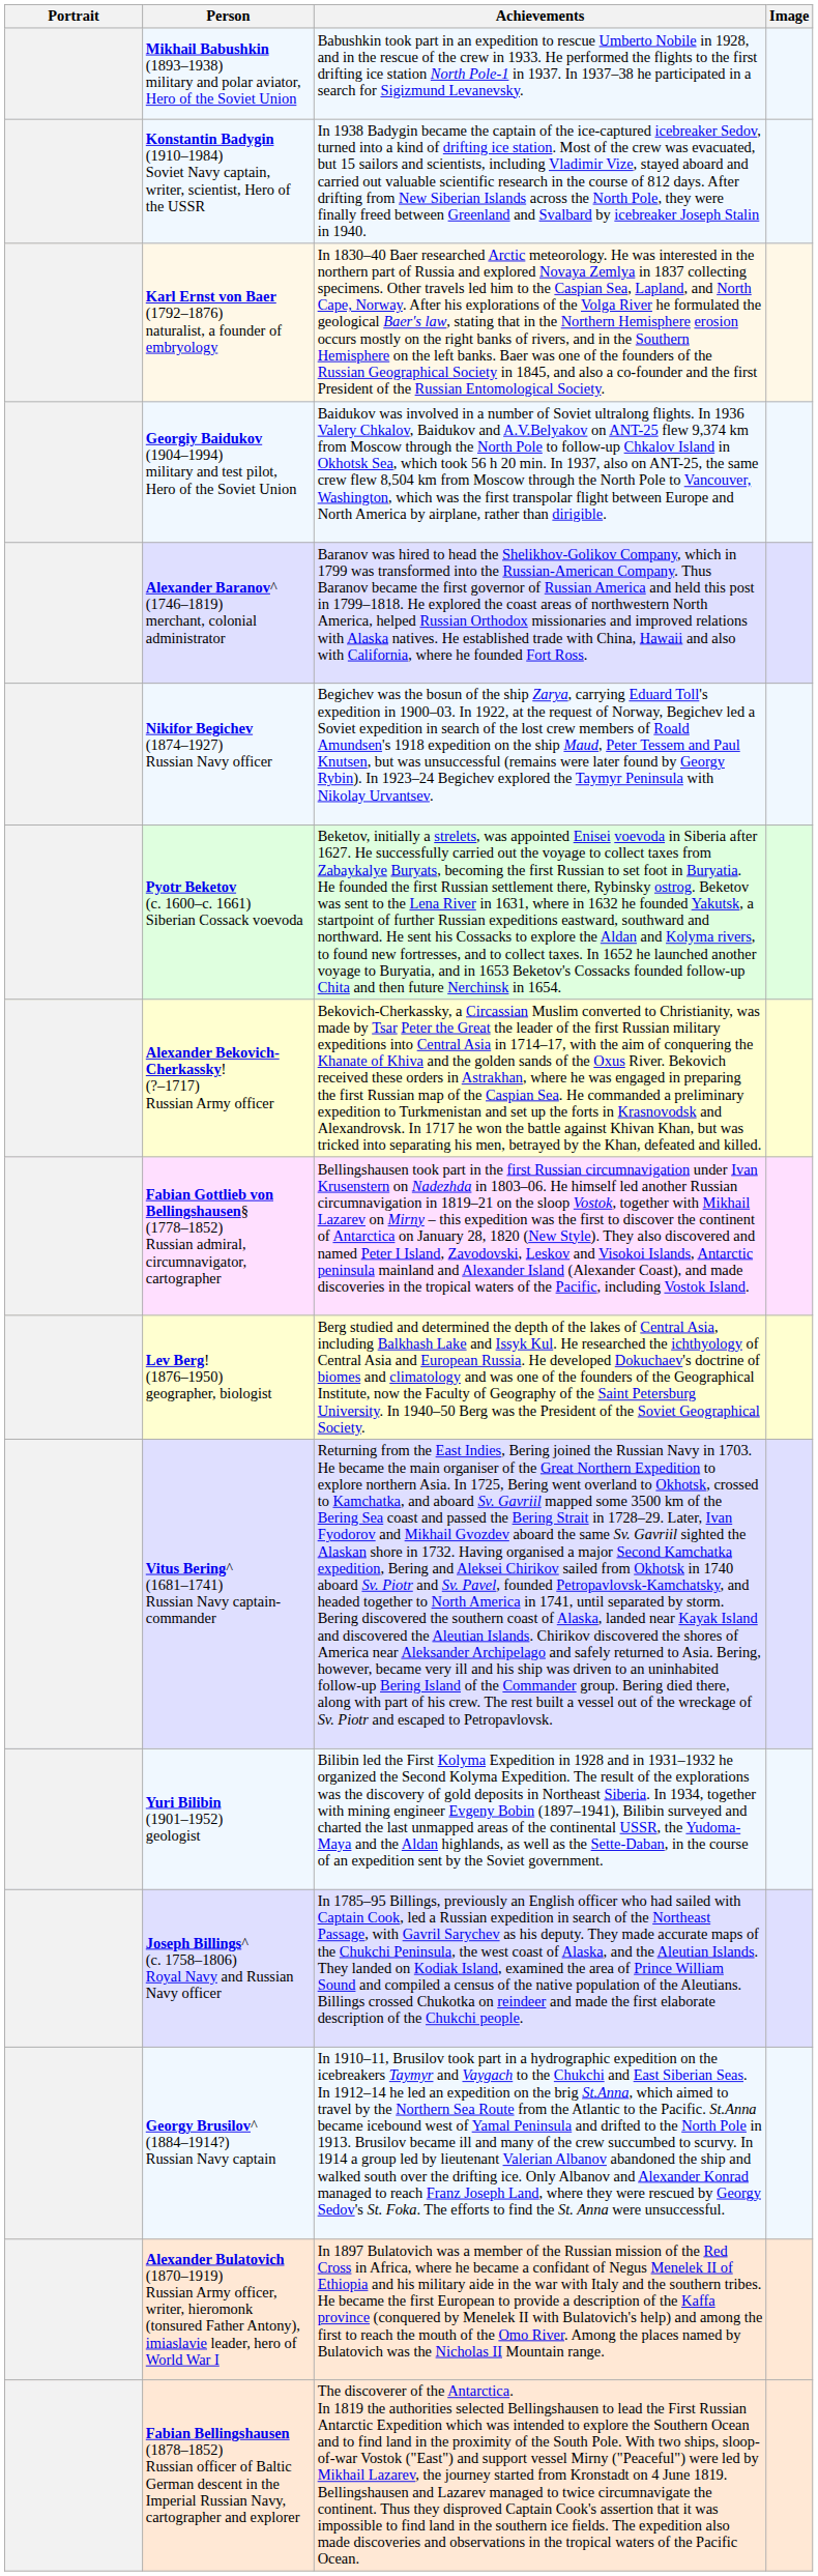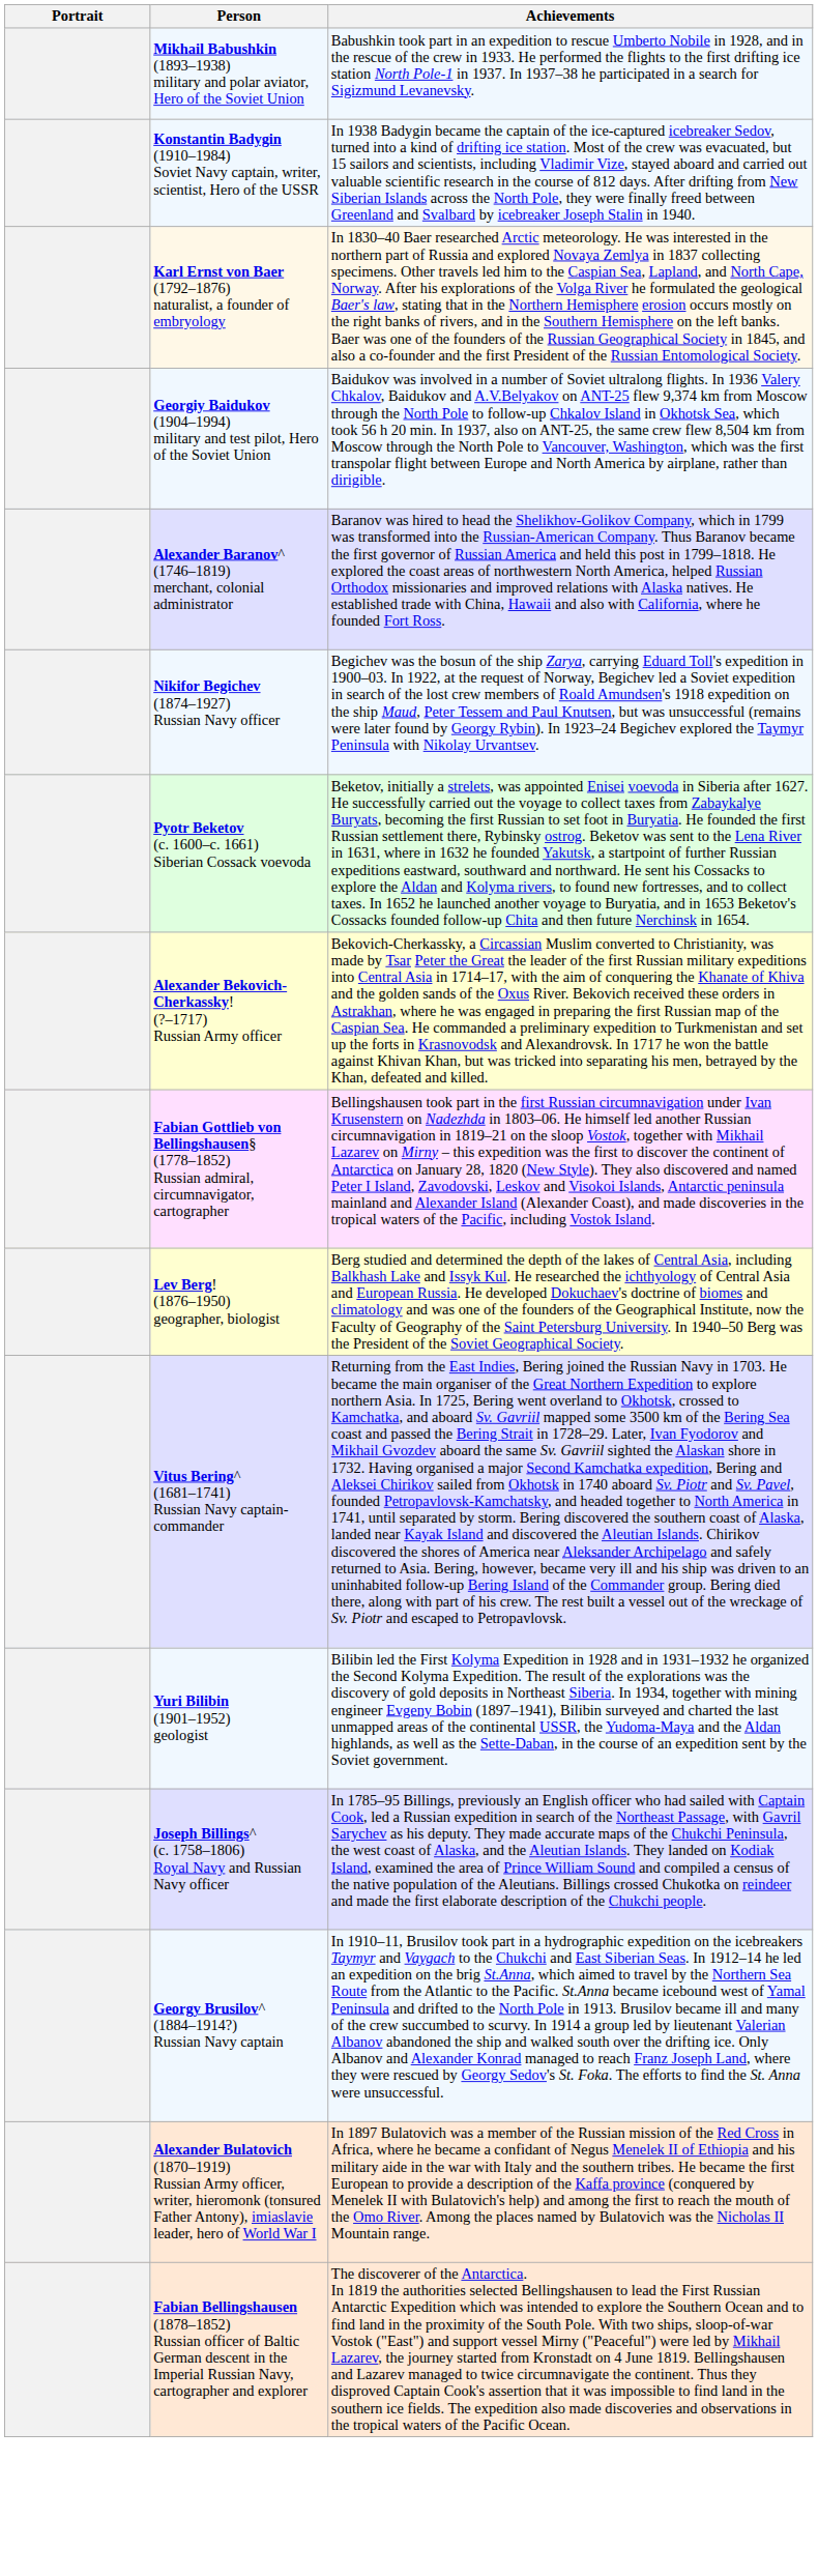 <table class="wikitable">
 <tr style="background:#ccc;">
 <th scope="col" width=18%>Portrait</th>
 <th scope="col" width=22%>Person</th>
 <th scope="col" width=60%>Achievements</th>
-<th scope="col">Image</th>
 </tr>
 <tr style="background:#f0f8ff;">
 <th scope="row" align=center></th>
 <td><strong><a href='#'>Mikhail Babushkin</a></strong><br>(1893–1938)<br>military and polar aviator, <a href='#'>Hero of the Soviet Union</a></td>
 <td>Babushkin took part in an expedition to rescue <a href='#'>Umberto Nobile</a> in 1928, and in the rescue of the  crew in 1933. He performed the flights to the first drifting ice station <em><a href='#'>North Pole-1</a></em> in 1937. In 1937–38 he participated in a search for <a href='#'>Sigizmund Levanevsky</a>.<br><br></td>
-<td align=center></td>
 </tr>
 <tr style="background:#f0f8ff;">
 <th scope="row" align=center></th>
 <td><strong><a href='#'>Konstantin Badygin</a></strong><br>(1910–1984)<br>Soviet Navy captain, writer, scientist, Hero of the USSR<br><br></td>
 <td>In 1938 Badygin became the captain of the ice-captured <a href='#'>icebreaker Sedov</a>, turned into a kind of <a href='#'>drifting ice station</a>. Most of the crew was evacuated, but 15 sailors and scientists, including <a href='#'>Vladimir Vize</a>, stayed aboard and carried out valuable scientific research in the course of 812 days. After drifting from <a href='#'>New Siberian Islands</a> across the <a href='#'>North Pole</a>, they were finally freed between <a href='#'>Greenland</a> and <a href='#'>Svalbard</a> by <a href='#'>icebreaker Joseph Stalin</a> in 1940.</td>
-<td align=center></td>
 </tr>
 <tr style="background:#fff8e7;">
 <th scope="row" align=center></th>
 <td><strong><a href='#'>Karl Ernst von Baer</a></strong><br>(1792–1876)<br>naturalist, a founder of <a href='#'>embryology</a></td>
 <td>In 1830–40 Baer researched <a href='#'>Arctic</a> meteorology. He was interested in the northern part of Russia and explored <a href='#'>Novaya Zemlya</a> in 1837 collecting specimens. Other travels led him to the <a href='#'>Caspian Sea</a>, <a href='#'>Lapland</a>, and <a href='#'>North Cape, Norway</a>. After his explorations of the <a href='#'>Volga River</a> he formulated the geological <em><a href='#'>Baer's law</a></em>, stating that in the <a href='#'>Northern Hemisphere</a> <a href='#'>erosion</a> occurs mostly on the right banks of rivers, and in the <a href='#'>Southern Hemisphere</a> on the left banks. Baer was one of the founders of the <a href='#'>Russian Geographical Society</a> in 1845, and also a co-founder and the first President of the <a href='#'>Russian Entomological Society</a>.</td>
-<td align=center></td>
 </tr>
 <tr style="background:#f0f8ff;">
 <th scope="row" align=center></th>
 <td><strong><a href='#'>Georgiy Baidukov</a></strong><br>(1904–1994)<br>military and test pilot, Hero of the Soviet Union<br><br></td>
 <td>Baidukov was involved in a number of Soviet ultralong flights. In 1936 <a href='#'>Valery Chkalov</a>, Baidukov and <a href='#'>A.V.Belyakov</a> on <a href='#'>ANT-25</a> flew 9,374 km from Moscow through the <a href='#'>North Pole</a> to follow-up <a href='#'>Chkalov Island</a> in <a href='#'>Okhotsk Sea</a>, which took 56 h 20 min. In 1937, also on ANT-25, the same crew flew 8,504 km from Moscow through the North Pole to <a href='#'>Vancouver, Washington</a>, which was the first transpolar flight between Europe and North America by airplane, rather than <a href='#'>dirigible</a>.<br><br></td>
-<td align=center></td>
 </tr>
 <tr style="background:#dfdfff;">
 <th scope="row" align=center></th>
 <td><strong><a href='#'>Alexander Baranov</a></strong>^<br>(1746–1819)<br>merchant, colonial administrator</td>
 <td>Baranov was hired to head the <a href='#'>Shelikhov-Golikov Company</a>, which in 1799 was transformed into the <a href='#'>Russian-American Company</a>. Thus Baranov became the first governor of <a href='#'>Russian America</a> and held this post in 1799–1818. He explored the coast areas of northwestern North America, helped <a href='#'>Russian Orthodox</a> missionaries and improved relations with <a href='#'>Alaska</a> natives. He established trade with China, <a href='#'>Hawaii</a> and also with <a href='#'>California</a>, where he founded <a href='#'>Fort Ross</a>.<br><br></td>
-<td align=center></td>
 </tr>
 <tr style="background:#f0f8ff;">
 <th scope="row" align=center></th>
 <td><strong><a href='#'>Nikifor Begichev</a></strong><br> (1874–1927)<br>Russian Navy officer<br><br></td>
 <td>Begichev was the bosun of the ship <em><a href='#'>Zarya</a></em>, carrying <a href='#'>Eduard Toll</a>'s expedition in 1900–03. In 1922, at the request of Norway, Begichev led a Soviet expedition in search of the lost crew members of <a href='#'>Roald Amundsen</a>'s 1918 expedition on the ship <em><a href='#'>Maud</a></em>, <a href='#'>Peter Tessem and Paul Knutsen</a>, but was unsuccessful (remains were later found by <a href='#'>Georgy Rybin</a>). In 1923–24 Begichev explored the <a href='#'>Taymyr Peninsula</a> with <a href='#'>Nikolay Urvantsev</a>.<br><br></td>
-<td align=center></td>
 </tr>
 <tr style="background:#dfffdf;">
 <th scope="row" align=center></th>
 <td><strong><a href='#'>Pyotr Beketov</a></strong><br> (c. 1600–c. 1661)<br>Siberian Cossack voevoda<br><br></td>
 <td>Beketov, initially a <a href='#'>strelets</a>, was appointed <a href='#'>Enisei</a> <a href='#'>voevoda</a> in Siberia after 1627. He successfully carried out the voyage to collect taxes from <a href='#'>Zabaykalye</a> <a href='#'>Buryats</a>, becoming the first Russian to set foot in <a href='#'>Buryatia</a>. He founded the first Russian settlement there, Rybinsky <a href='#'>ostrog</a>. Beketov was sent to the <a href='#'>Lena River</a> in 1631, where in 1632 he founded <a href='#'>Yakutsk</a>, a startpoint of further Russian expeditions eastward, southward and northward. He sent his Cossacks to explore the <a href='#'>Aldan</a> and <a href='#'>Kolyma rivers</a>, to found new fortresses, and to collect taxes. In 1652 he launched another voyage to Buryatia, and in 1653 Beketov's Cossacks founded follow-up <a href='#'>Chita</a> and then future <a href='#'>Nerchinsk</a> in 1654.</td>
-<td align=center></td>
 </tr>
 <tr style="background:#ffffd0;">
 <th scope="row" align=center></th>
 <td><strong><a href='#'>Alexander Bekovich-Cherkassky</a></strong>!<br>(?–1717)<br>Russian Army officer</td>
 <td>Bekovich-Cherkassky, a <a href='#'>Circassian</a> Muslim converted to Christianity, was made by <a href='#'>Tsar</a> <a href='#'>Peter the Great</a> the leader of the first Russian military expeditions into <a href='#'>Central Asia</a> in 1714–17, with the aim of conquering the <a href='#'>Khanate of Khiva</a> and the golden sands of the <a href='#'>Oxus</a> River. Bekovich received these orders in <a href='#'>Astrakhan</a>, where he was engaged in preparing the first Russian map of the <a href='#'>Caspian Sea</a>. He commanded a preliminary expedition to Turkmenistan and set up the forts in <a href='#'>Krasnovodsk</a> and Alexandrovsk. In 1717 he won the battle against Khivan Khan, but was tricked into separating his men, betrayed by the Khan, defeated and killed.</td>
-<td align=center></td>
 </tr>
 <tr style="background:#ffdfff;">
 <th scope="row" align=center></th>
 <td><strong><a href='#'>Fabian Gottlieb von Bellingshausen</a></strong>§<br>(1778–1852)<br>Russian admiral, circumnavigator, cartographer</td>
 <td>Bellingshausen took part in the <a href='#'>first Russian circumnavigation</a> under <a href='#'>Ivan Krusenstern</a> on <a href='#'><em>Nadezhda</em></a> in 1803–06. He himself led another Russian circumnavigation in 1819–21 on the sloop <em><a href='#'>Vostok</a></em>, together with <a href='#'>Mikhail Lazarev</a> on <em><a href='#'>Mirny</a></em> – this expedition was the first to discover the continent of <a href='#'>Antarctica</a> on January 28, 1820 (<a href='#'>New Style</a>). They also discovered and named <a href='#'>Peter I Island</a>, <a href='#'>Zavodovski</a>, <a href='#'>Leskov</a> and <a href='#'>Visokoi Islands</a>, <a href='#'>Antarctic peninsula</a> mainland and <a href='#'>Alexander Island</a> (Alexander Coast), and made discoveries in the tropical waters of the <a href='#'>Pacific</a>, including <a href='#'>Vostok Island</a>.<br><br></td>
-<td align=center></td>
 </tr>
 <tr style="background:#ffffd0;">
 <th scope="row" align=center></th>
 <td><strong><a href='#'>Lev Berg</a></strong>!<br>(1876–1950)<br>geographer, biologist</td>
 <td>Berg studied and determined the depth of the lakes of <a href='#'>Central Asia</a>, including <a href='#'>Balkhash Lake</a> and <a href='#'>Issyk Kul</a>. He researched the <a href='#'>ichthyology</a> of Central Asia and <a href='#'>European Russia</a>. He developed <a href='#'>Dokuchaev</a>'s doctrine of <a href='#'>biomes</a> and <a href='#'>climatology</a> and was one of the founders of the Geographical Institute, now the Faculty of Geography of the <a href='#'>Saint Petersburg University</a>. In 1940–50 Berg was the President of the <a href='#'>Soviet Geographical Society</a>.</td>
-<td align=center></td>
 </tr>
 <tr style="background:#dfdfff;">
 <th scope="row" align=center></th>
 <td><strong><a href='#'>Vitus Bering</a></strong>^<br>(1681–1741)<br>Russian Navy captain-commander</td>
 <td>Returning from the <a href='#'>East Indies</a>, Bering joined the Russian Navy in 1703. He became the main organiser of the <a href='#'>Great Northern Expedition</a> to explore northern Asia. In 1725, Bering went overland to <a href='#'>Okhotsk</a>, crossed to <a href='#'>Kamchatka</a>, and aboard <em><a href='#'>Sv. Gavriil</a></em> mapped some 3500 km of the <a href='#'>Bering Sea</a> coast and passed the <a href='#'>Bering Strait</a> in 1728–29. Later, <a href='#'>Ivan Fyodorov</a> and <a href='#'>Mikhail Gvozdev</a> aboard the same <em>Sv. Gavriil</em> sighted the <a href='#'>Alaskan</a> shore in 1732. Having organised a major <a href='#'>Second Kamchatka expedition</a>, Bering and <a href='#'>Aleksei Chirikov</a> sailed from <a href='#'>Okhotsk</a> in 1740 aboard <em><a href='#'>Sv. Piotr</a></em> and <em><a href='#'>Sv. Pavel</a></em>, founded <a href='#'>Petropavlovsk-Kamchatsky</a>, and headed together to <a href='#'>North America</a> in 1741, until separated by storm. Bering discovered the southern coast of <a href='#'>Alaska</a>, landed near <a href='#'>Kayak Island</a> and discovered the <a href='#'>Aleutian Islands</a>. Chirikov discovered the shores of America near <a href='#'>Aleksander Archipelago</a> and safely returned to Asia. Bering, however, became very ill and his ship was driven to an uninhabited follow-up <a href='#'>Bering Island</a> of the <a href='#'>Commander</a> group. Bering died there, along with part of his crew. The rest built a vessel out of the wreckage of <em>Sv. Piotr</em> and escaped to Petropavlovsk.<br><br></td>
-<td align=center></td>
 </tr>
 <tr style="background:#f0f8ff;">
 <th scope="row" align=center></th>
 <td><strong><a href='#'>Yuri Bilibin</a></strong><br>(1901–1952)<br>geologist</td>
 <td>Bilibin led the First <a href='#'>Kolyma</a> Expedition in 1928 and in 1931–1932 he organized the Second Kolyma Expedition. The result of the explorations was the discovery of gold deposits in Northeast <a href='#'>Siberia</a>. In 1934, together with mining engineer <a href='#'>Evgeny Bobin</a> (1897–1941), Bilibin surveyed and charted the last unmapped areas of the continental <a href='#'>USSR</a>, the <a href='#'>Yudoma-Maya</a> and the <a href='#'>Aldan</a> highlands, as well as the <a href='#'>Sette-Daban</a>, in the course of an expedition sent by the Soviet government.<br><br></td>
-<td align=center></td>
 </tr>
 <tr style="background:#dfdfff;">
 <th scope="row"></th>
 <td><strong><a href='#'>Joseph Billings</a></strong>^<br>(c. 1758–1806)<br><a href='#'>Royal Navy</a> and Russian Navy officer</td>
 <td>In 1785–95 Billings, previously an English officer who had sailed with <a href='#'>Captain Cook</a>, led a Russian expedition in search of the <a href='#'>Northeast Passage</a>, with <a href='#'>Gavril Sarychev</a> as his deputy. They made accurate maps of the <a href='#'>Chukchi Peninsula</a>, the west coast of <a href='#'>Alaska</a>, and the <a href='#'>Aleutian Islands</a>. They landed on <a href='#'>Kodiak Island</a>, examined the area of <a href='#'>Prince William Sound</a> and compiled a census of the native population of the Aleutians. Billings crossed Chukotka on <a href='#'>reindeer</a> and made the first elaborate description of the <a href='#'>Chukchi people</a>.<br><br></td>
-<td align=center></td>
 </tr>
 <tr style="background:#f0f8ff;">
 <th scope="row" align=center></th>
 <td><strong><a href='#'>Georgy Brusilov</a></strong>^<br>(1884–1914?)<br>Russian Navy captain</td>
 <td>In 1910–11, Brusilov took part in a hydrographic expedition on the icebreakers <em><a href='#'>Taymyr</a></em> and <em><a href='#'>Vaygach</a></em> to the <a href='#'>Chukchi</a> and <a href='#'>East Siberian Seas</a>. In 1912–14 he led an expedition on the brig<em> <a href='#'>St.Anna</a></em>, which aimed to travel by the <a href='#'>Northern Sea Route</a> from the Atlantic to the Pacific. <em>St.Anna</em> became icebound west of <a href='#'>Yamal Peninsula</a> and drifted to the <a href='#'>North Pole</a> in 1913. Brusilov became ill and many of the crew succumbed to scurvy. In 1914 a group led by lieutenant <a href='#'>Valerian Albanov</a> abandoned the ship and walked south over the drifting ice. Only Albanov and <a href='#'>Alexander Konrad</a> managed to reach <a href='#'>Franz Joseph Land</a>, where they were rescued by <a href='#'>Georgy Sedov</a>'s <em>St. Foka</em>. The efforts to find the <em>St. Anna</em> were unsuccessful.<br><br></td>
-<td align=center></td>
 </tr>
 <tr style="background:#ffe8d5;">
 <th scope="row" align=center></th>
 <td><strong><a href='#'>Alexander Bulatovich</a></strong><br>(1870–1919)<br>Russian Army officer, writer, hieromonk (tonsured Father Antony), <a href='#'>imiaslavie</a> leader, hero of <a href='#'>World War I</a></td>
 <td>In 1897 Bulatovich was a member of the Russian mission of the <a href='#'>Red Cross</a> in Africa, where he became a confidant of Negus <a href='#'>Menelek II of Ethiopia</a> and his military aide in the war with Italy and the southern tribes. He became the first European to provide a description of the <a href='#'>Kaffa province</a> (conquered by Menelek II with Bulatovich's help) and among the first to reach the mouth of the <a href='#'>Omo River</a>. Among the places named by Bulatovich was the <a href='#'>Nicholas II</a> Mountain range.<br><br></td>
-<td align=center></td>
 </tr>
 <tr style="background:#ffe8d5;">
 <th scope="row" align=center></th>
 <td><strong><a href='#'>Fabian Bellingshausen</a></strong><br>(1878–1852)<br> Russian officer of Baltic German descent in the Imperial Russian Navy, cartographer and explorer</td>
 <td>The discoverer of the <a href='#'>Antarctica</a>.<br>In 1819 the authorities selected Bellingshausen to lead the First Russian Antarctic Expedition which was intended to explore the Southern Ocean and to find land in the proximity of the South Pole. With two ships, sloop-of-war Vostok ("East") and support vessel Mirny ("Peaceful") were led by <a href='#'>Mikhail Lazarev</a>, the journey started from Kronstadt on 4 June 1819. Bellingshausen and Lazarev managed to twice circumnavigate the continent. Thus they disproved Captain Cook's assertion that it was impossible to find land in the southern ice fields. The expedition also made discoveries and observations in the tropical waters of the Pacific Ocean.</td>
-<td align=center></td>
 </tr>
 </table>
